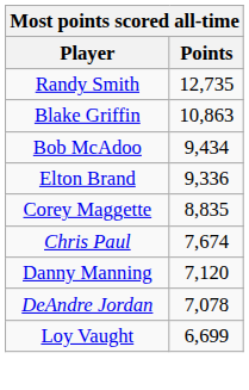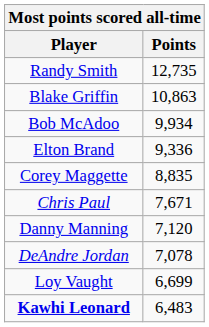 <table class="wikitable sortable" style="text-align:center">
 <tr>
 <th colspan="2">Most points scored all-time</th>
 </tr>
 <tr>
 <th>Player</th>
 <th>Points</th>
 </tr>
 <tr>
 <td><a href='#'>Randy Smith</a></td>
 <td>12,735</td>
 </tr>
 <tr>
 <td><a href='#'>Blake Griffin</a></td>
 <td>10,863</td>
 </tr>
 <tr>
 <td><a href='#'>Bob McAdoo</a></td>
-<td>9,434</td>
+<td>9,934</td>
 </tr>
 <tr>
 <td><a href='#'>Elton Brand</a></td>
 <td>9,336</td>
 </tr>
 <tr>
 <td><a href='#'>Corey Maggette</a></td>
 <td>8,835</td>
 </tr>
 <tr>
 <td><em><a href='#'>Chris Paul</a></em></td>
-<td>7,674</td>
+<td>7,671</td>
 </tr>
 <tr>
 <td><a href='#'>Danny Manning</a></td>
 <td>7,120</td>
 </tr>
 <tr>
 <td><em><a href='#'>DeAndre Jordan</a></em></td>
 <td>7,078</td>
 </tr>
 <tr>
 <td><a href='#'>Loy Vaught</a></td>
 <td>6,699</td>
 </tr>
+<tr>
+<td><strong><a href='#'>Kawhi Leonard</a></strong></td>
+<td>6,483</td>
+</tr>
 </table>
